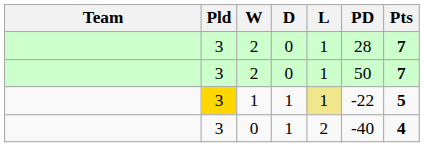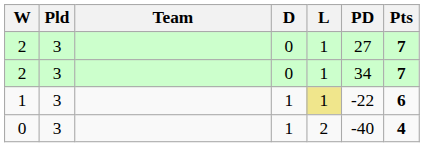 <table class="wikitable" style="text-align:center">
 <tr>
+<th width=25 abbr="Won">W</th>
+<th width=25 abbr="Played">Pld</th>
 <th width=175>Team</th>
-<th width=25 abbr="Played">Pld</th>
-<th width=25 abbr="Won">W</th>
 <th width=25 abbr="Drawn">D</th>
 <th width=25 abbr="Lost">L</th>
 <th width=32 abbr="Points difference">PD</th>
 <th width=25 abbr="Points">Pts</th>
 </tr>
 <tr style="background:#cfc">
+<td>2</td>
+<td>3</td>
 <td align=left></td>
-<td>3</td>
-<td>2</td>
 <td>0</td>
 <td>1</td>
-<td>28</td>
+<td>27</td>
 <td><strong>7</strong></td>
 </tr>
 <tr style="background:#cfc">
+<td>2</td>
+<td>3</td>
 <td align=left></td>
-<td>3</td>
-<td>2</td>
 <td>0</td>
 <td>1</td>
-<td>50</td>
+<td>34</td>
 <td><strong>7</strong></td>
 </tr>
 <tr>
+<td>1</td>
+<td>3</td>
 <td align=left></td>
-<td style="background: gold;">3</td>
-<td>1</td>
 <td>1</td>
 <td style="background: khaki;">1</td>
 <td>-22</td>
-<td><strong>5</strong></td>
+<td><strong>6</strong></td>
 </tr>
 <tr>
+<td>0</td>
+<td>3</td>
 <td align=left></td>
-<td>3</td>
-<td>0</td>
 <td>1</td>
 <td>2</td>
 <td>-40</td>
 <td><strong>4</strong></td>
 </tr>
 </table>
